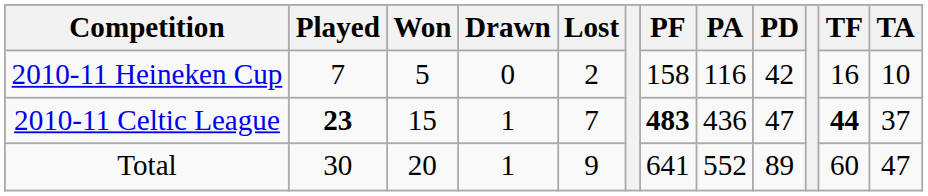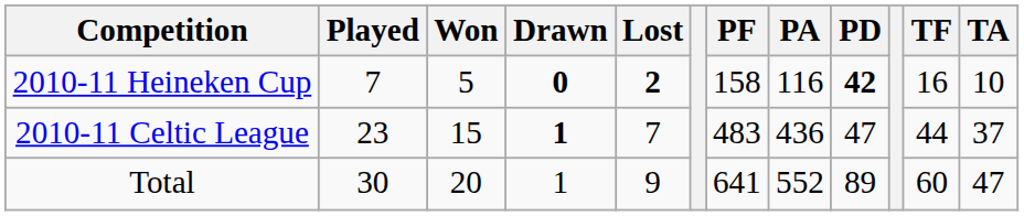 <table class="wikitable">
 <tr>
 <th>Competition</th>
 <th>Played</th>
 <th>Won</th>
 <th>Drawn</th>
 <th>Lost</th>
 <th rowspan="4"></th>
 <th>PF</th>
 <th>PA</th>
 <th>PD</th>
 <th rowspan="4"></th>
 <th>TF</th>
 <th>TA</th>
 </tr>
 <tr align=center>
 <td><a href='#'>2010-11 Heineken Cup</a></td>
 <td>7</td>
 <td>5</td>
-<td>0</td>
-<td>2</td>
+<td><strong>0</strong></td>
+<td><strong>2</strong></td>
 <td>158</td>
 <td>116</td>
-<td>42</td>
+<td><strong>42</strong></td>
 <td>16</td>
 <td>10</td>
 </tr>
 <tr align=center>
 <td><a href='#'>2010-11 Celtic League</a></td>
-<td><strong>23</strong></td>
+<td>23</td>
 <td>15</td>
-<td>1</td>
+<td><strong>1</strong></td>
 <td>7</td>
-<td><strong>483</strong></td>
+<td>483</td>
 <td>436</td>
 <td>47</td>
-<td><strong>44</strong></td>
+<td>44</td>
 <td>37</td>
 </tr>
 <tr align=center>
 <td>Total</td>
 <td>30</td>
 <td>20</td>
 <td>1</td>
 <td>9</td>
 <td>641</td>
 <td>552</td>
 <td>89</td>
 <td>60</td>
 <td>47</td>
 </tr>
 </table>
